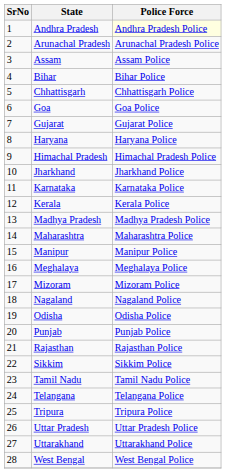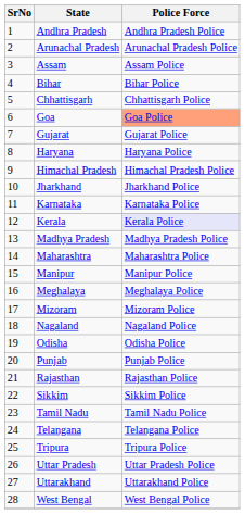 <table class="wikitable">
 <tr>
 <th>SrNo</th>
 <th>State</th>
 <th>Police Force</th>
 </tr>
 <tr>
 <td>1</td>
 <td><a href='#'>Andhra Pradesh</a></td>
-<td style="background: lightyellow;"><a href='#'>Andhra Pradesh Police</a></td>
+<td><a href='#'>Andhra Pradesh Police</a></td>
 </tr>
 <tr>
 <td>2</td>
 <td><a href='#'>Arunachal Pradesh</a></td>
 <td><a href='#'>Arunachal Pradesh Police</a></td>
 </tr>
 <tr>
 <td>3</td>
 <td><a href='#'>Assam</a></td>
 <td><a href='#'>Assam Police</a></td>
 </tr>
 <tr>
 <td>4</td>
 <td><a href='#'>Bihar</a></td>
 <td><a href='#'>Bihar Police</a></td>
 </tr>
 <tr>
 <td>5</td>
 <td><a href='#'>Chhattisgarh</a></td>
 <td><a href='#'>Chhattisgarh Police</a></td>
 </tr>
 <tr>
 <td>6</td>
 <td><a href='#'>Goa</a></td>
-<td><a href='#'>Goa Police</a></td>
+<td style="background: lightsalmon;"><a href='#'>Goa Police</a></td>
 </tr>
 <tr>
 <td>7</td>
 <td><a href='#'>Gujarat</a></td>
 <td><a href='#'>Gujarat Police</a></td>
 </tr>
 <tr>
 <td>8</td>
 <td><a href='#'>Haryana</a></td>
 <td><a href='#'>Haryana Police</a></td>
 </tr>
 <tr>
 <td>9</td>
 <td><a href='#'>Himachal Pradesh</a></td>
 <td><a href='#'>Himachal Pradesh Police</a></td>
 </tr>
 <tr>
 <td>10</td>
 <td><a href='#'>Jharkhand</a></td>
 <td><a href='#'>Jharkhand Police</a></td>
 </tr>
 <tr>
 <td>11</td>
 <td><a href='#'>Karnataka</a></td>
 <td><a href='#'>Karnataka Police</a></td>
 </tr>
 <tr>
 <td>12</td>
 <td><a href='#'>Kerala</a></td>
-<td><a href='#'>Kerala Police</a></td>
+<td style="background: lavender;"><a href='#'>Kerala Police</a></td>
 </tr>
 <tr>
 <td>13</td>
 <td><a href='#'>Madhya Pradesh</a></td>
 <td><a href='#'>Madhya Pradesh Police</a></td>
 </tr>
 <tr>
 <td>14</td>
 <td><a href='#'>Maharashtra</a></td>
 <td><a href='#'>Maharashtra Police</a></td>
 </tr>
 <tr>
 <td>15</td>
 <td><a href='#'>Manipur</a></td>
 <td><a href='#'>Manipur Police</a></td>
 </tr>
 <tr>
 <td>16</td>
 <td><a href='#'>Meghalaya</a></td>
 <td><a href='#'>Meghalaya Police</a></td>
 </tr>
 <tr>
 <td>17</td>
 <td><a href='#'>Mizoram</a></td>
 <td><a href='#'>Mizoram Police</a></td>
 </tr>
 <tr>
 <td>18</td>
 <td><a href='#'>Nagaland</a></td>
 <td><a href='#'>Nagaland Police</a></td>
 </tr>
 <tr>
 <td>19</td>
 <td><a href='#'>Odisha</a></td>
 <td><a href='#'>Odisha Police</a></td>
 </tr>
 <tr>
 <td>20</td>
 <td><a href='#'>Punjab</a></td>
 <td><a href='#'>Punjab Police</a></td>
 </tr>
 <tr>
 <td>21</td>
 <td><a href='#'>Rajasthan</a></td>
 <td><a href='#'>Rajasthan Police</a></td>
 </tr>
 <tr>
 <td>22</td>
 <td><a href='#'>Sikkim</a></td>
 <td><a href='#'>Sikkim Police</a></td>
 </tr>
 <tr>
 <td>23</td>
 <td><a href='#'>Tamil Nadu</a></td>
 <td><a href='#'>Tamil Nadu Police</a></td>
 </tr>
 <tr>
 <td>24</td>
 <td><a href='#'>Telangana</a></td>
 <td><a href='#'>Telangana Police</a></td>
 </tr>
 <tr>
 <td>25</td>
 <td><a href='#'>Tripura</a></td>
 <td><a href='#'>Tripura Police</a></td>
 </tr>
 <tr>
 <td>26</td>
 <td><a href='#'>Uttar Pradesh</a></td>
 <td><a href='#'>Uttar Pradesh Police</a></td>
 </tr>
 <tr>
 <td>27</td>
 <td><a href='#'>Uttarakhand</a></td>
 <td><a href='#'>Uttarakhand Police</a></td>
 </tr>
 <tr>
 <td>28</td>
 <td><a href='#'>West Bengal</a></td>
 <td><a href='#'>West Bengal Police</a></td>
 </tr>
 <tr>
 </tr>
 </table>
